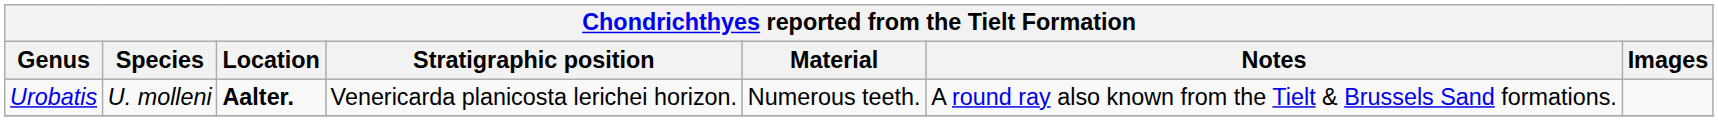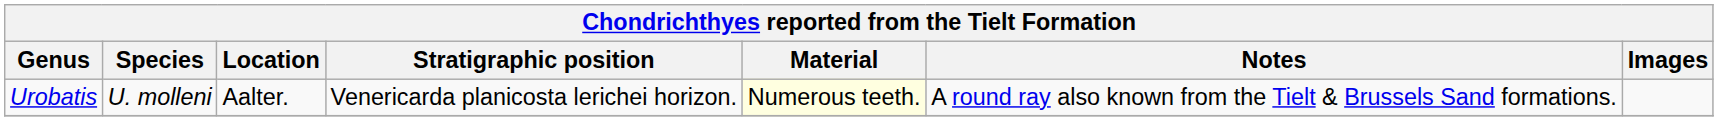 <table class="wikitable" align="center">
 <tr>
 <th colspan="7" align="center"><strong><a href='#'>Chondrichthyes</a> reported from the Tielt Formation</strong></th>
 </tr>
 <tr>
 <th>Genus</th>
 <th>Species</th>
 <th>Location</th>
 <th><strong>Stratigraphic position</strong></th>
 <th><strong>Material</strong></th>
 <th>Notes</th>
 <th>Images</th>
 </tr>
 <tr>
 <td><em><a href='#'>Urobatis</a></em></td>
 <td><em>U. molleni</em></td>
-<td><strong>Aalter.</strong></td>
+<td>Aalter.</td>
 <td>Venericarda planicosta lerichei horizon.</td>
-<td>Numerous teeth.</td>
+<td style="background: lightyellow;">Numerous teeth.</td>
 <td>A <a href='#'>round ray</a> also known from the <a href='#'>Tielt</a> & <a href='#'>Brussels Sand</a> formations.</td>
 <td></td>
 </tr>
 <tr>
 </tr>
 </table>
